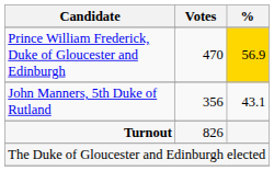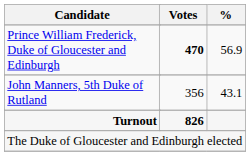 <table class="wikitable" style="font-size: 95%;">
 <tr>
 <th colspan="2" style="width: 170px">Candidate</th>
 <th style="width: 50px">Votes</th>
 <th style="width: 40px">%</th>
 </tr>
 <tr>
 </tr>
 <tr>
 <td colspan="2" style="width: 170px"><a href='#'>Prince William Frederick, Duke of Gloucester and Edinburgh</a></td>
-<td align="right">470</td>
-<td align="right" style="background: gold;">56.9</td>
+<td align="right"><strong>470</strong></td>
+<td align="right">56.9</td>
 </tr>
 <tr>
 </tr>
 <tr>
 <td colspan="2" style="width: 170px"><a href='#'>John Manners, 5th Duke of Rutland</a></td>
 <td align="right">356</td>
 <td align="right">43.1</td>
 </tr>
 <tr>
 </tr>
 <tr>
 </tr>
 <tr style="background-color:#F6F6F6">
 <td colspan="2" align="right"><strong>Turnout</strong></td>
-<td align="right">826</td>
+<td align="right"><strong>826</strong></td>
 <td align="right"></td>
 </tr>
 <tr>
 </tr>
 <tr style="background-color:#F6F6F6">
 <td colspan="4">The Duke of Gloucester and Edinburgh elected</td>
 </tr>
 <tr>
 </tr>
 </table>
